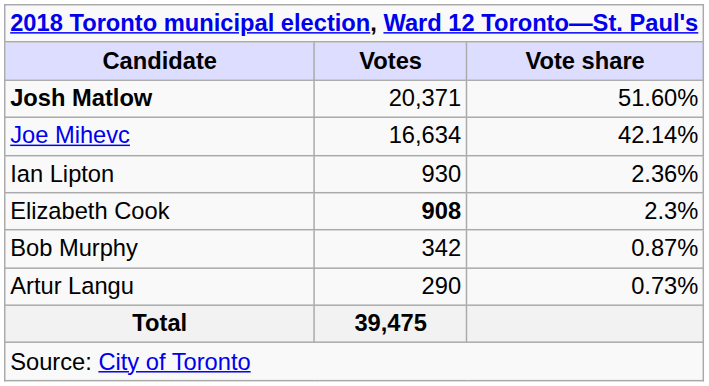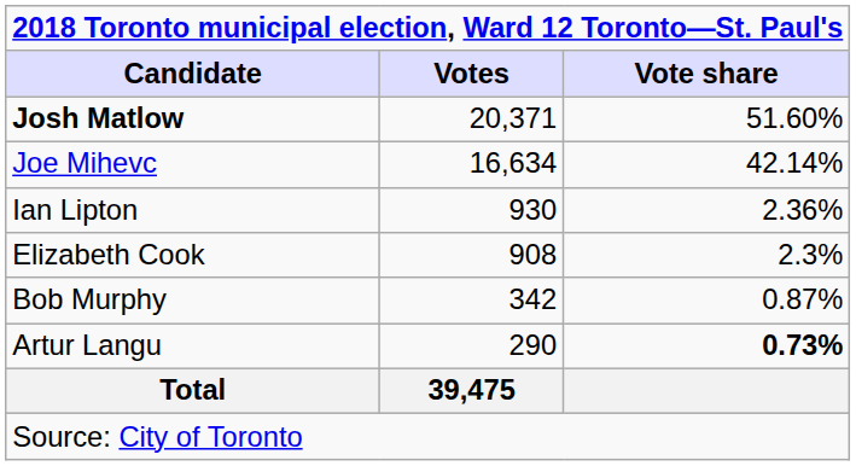 <table class="wikitable plainrowheaders">
 <tr>
 <td colspan="3"><strong><a href='#'>2018 Toronto municipal election</a>, <a href='#'>Ward 12 Toronto—St. Paul's</a></strong></td>
 </tr>
 <tr>
 <th scope="col" style="background:#ddf;">Candidate</th>
 <th scope="col" style="background:#ddf;">Votes</th>
 <th scope="col" style="background:#ddf;">Vote share</th>
 </tr>
 <tr>
 <td scope="row"><strong>Josh Matlow</strong></td>
 <td align="right">20,371</td>
 <td align="right">51.60%</td>
 </tr>
 <tr>
 <td scope="row"><a href='#'>Joe Mihevc</a></td>
 <td align="right">16,634</td>
 <td align="right">42.14%</td>
 </tr>
 <tr>
 <td scope="row">Ian Lipton</td>
 <td align="right">930</td>
 <td align="right">2.36%</td>
 </tr>
 <tr>
 <td scope="row">Elizabeth Cook</td>
-<td align="right"><strong>908</strong></td>
+<td align="right">908</td>
 <td align="right">2.3%</td>
 </tr>
 <tr>
 <td scope="row">Bob Murphy</td>
 <td align="right">342</td>
 <td align="right">0.87%</td>
 </tr>
 <tr>
 <td scope="row">Artur Langu</td>
 <td align="right">290</td>
-<td align="right">0.73%</td>
+<td align="right"><strong>0.73%</strong></td>
 </tr>
 <tr>
 <th scope="row"><strong>Total</strong></th>
 <th align="right">39,475</th>
 <th align="right"></th>
 </tr>
 <tr>
 <td colspan="3">Source: <a href='#'>City of Toronto</a></td>
 </tr>
 </table>
